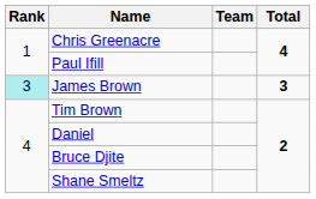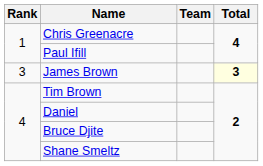 <table class="wikitable" style="text-align:center;">
 <tr>
 <th width=30>Rank</th>
 <th width=170>Name</th>
 <th width=25>Team</th>
 <th width=50>Total</th>
 </tr>
 <tr>
 <td rowspan=2>1</td>
 <td align=left> <a href='#'>Chris Greenacre</a></td>
 <td></td>
 <td rowspan=2><strong>4</strong></td>
 </tr>
 <tr>
 <td align=left> <a href='#'>Paul Ifill</a></td>
 <td></td>
 </tr>
 <tr>
-<td style="background: paleturquoise;">3</td>
+<td>3</td>
 <td align=left> <a href='#'>James Brown</a></td>
 <td></td>
-<td><strong>3</strong></td>
+<td style="background: lightyellow;"><strong>3</strong></td>
 </tr>
 <tr>
 <td rowspan=4>4</td>
 <td align=left> <a href='#'>Tim Brown</a></td>
 <td></td>
 <td rowspan=4><strong>2</strong></td>
 </tr>
 <tr>
 <td align=left> <a href='#'>Daniel</a></td>
 <td></td>
 </tr>
 <tr>
 <td align=left> <a href='#'>Bruce Djite</a></td>
 <td></td>
 </tr>
 <tr>
 <td align=left> <a href='#'>Shane Smeltz</a></td>
 <td></td>
 </tr>
 </table>
